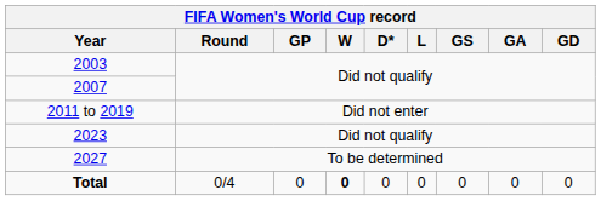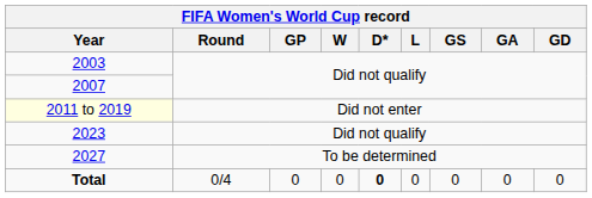 <table class="wikitable" style="text-align: center; width:50%;">
 <tr>
 <th colspan=10><a href='#'>FIFA Women's World Cup</a> record</th>
 </tr>
 <tr>
 <th>Year</th>
 <th>Round</th>
 <th>GP</th>
 <th>W</th>
 <th>D*</th>
 <th>L</th>
 <th>GS</th>
 <th>GA</th>
 <th>GD</th>
 </tr>
 <tr>
 <td> <a href='#'>2003</a></td>
 <td rowspan=2 colspan=8>Did not qualify</td>
 </tr>
 <tr>
 <td> <a href='#'>2007</a></td>
 </tr>
 <tr>
-<td> <a href='#'>2011</a> to  <a href='#'>2019</a></td>
+<td style="background: lightyellow;"> <a href='#'>2011</a> to  <a href='#'>2019</a></td>
 <td colspan=8>Did not enter</td>
 </tr>
 <tr>
 <td> <a href='#'>2023</a></td>
 <td colspan=8>Did not qualify</td>
 </tr>
 <tr>
 <td> <a href='#'>2027</a></td>
 <td colspan=8>To be determined<em></td>
 </tr>
 <tr>
 <td><strong>Total</strong></td>
 <td>0/4</td>
 <td>0</td>
+<td>0</td>
 <td><strong>0</strong></td>
-<td>0</td>
 <td>0</td>
 <td>0</td>
 <td>0</td>
 <td>0</td>
 </tr>
 </table>
